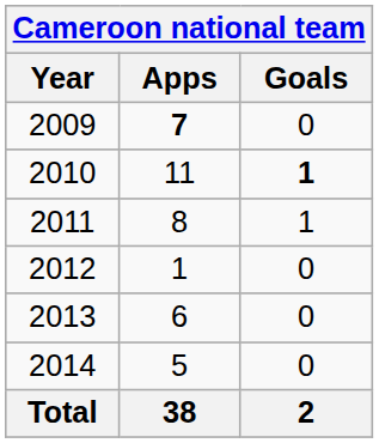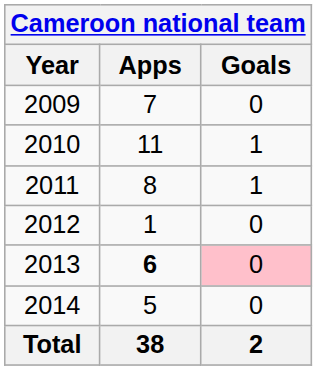 <table class="wikitable" style="text-align:center">
 <tr>
 <th colspan="3"><a href='#'>Cameroon national team</a></th>
 </tr>
 <tr>
 <th>Year</th>
 <th>Apps</th>
 <th>Goals</th>
 </tr>
 <tr>
 <td>2009</td>
-<td><strong>7</strong></td>
+<td>7</td>
 <td>0</td>
 </tr>
 <tr>
 <td>2010</td>
 <td>11</td>
-<td><strong>1</strong></td>
+<td>1</td>
 </tr>
 <tr>
 <td>2011</td>
 <td>8</td>
 <td>1</td>
 </tr>
 <tr>
 <td>2012</td>
 <td>1</td>
 <td>0</td>
 </tr>
 <tr>
 <td>2013</td>
-<td>6</td>
-<td>0</td>
+<td><strong>6</strong></td>
+<td style="background: pink;">0</td>
 </tr>
 <tr>
 <td>2014</td>
 <td>5</td>
 <td>0</td>
 </tr>
 <tr>
 <th>Total</th>
 <th>38</th>
 <th>2</th>
 </tr>
 </table>
